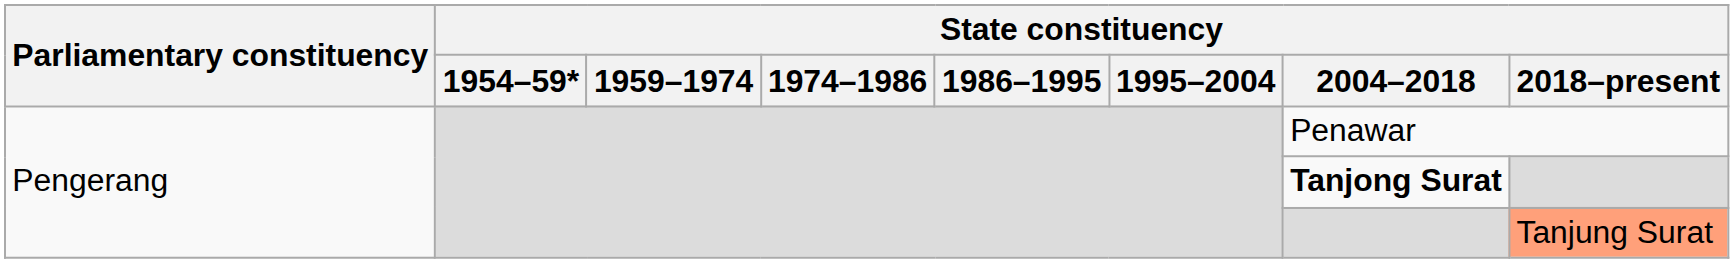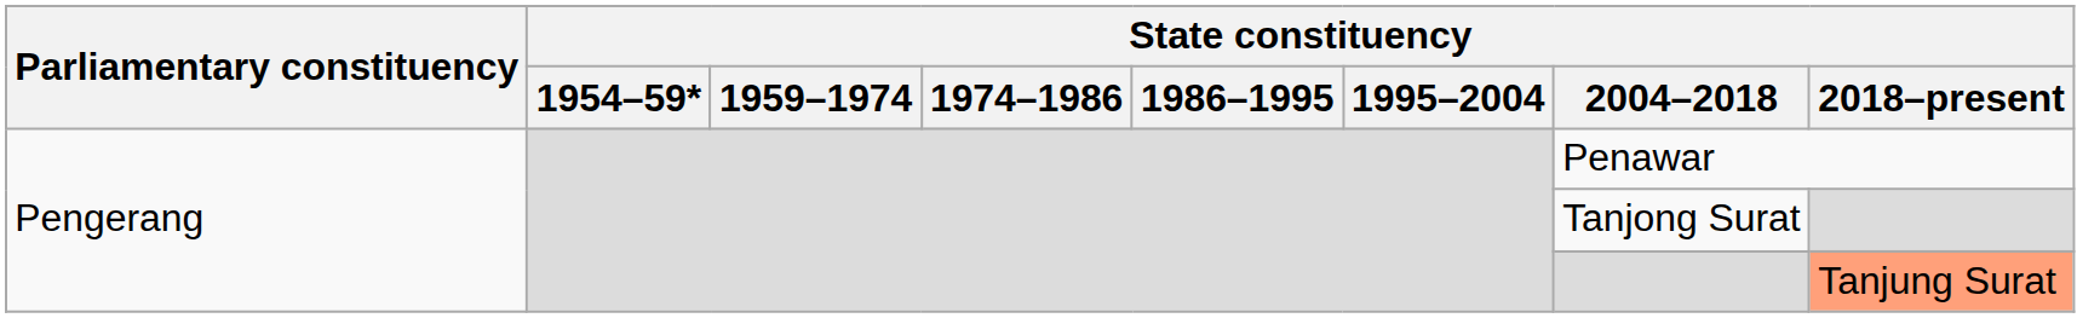 <table class="wikitable">
 <tr>
 <th rowspan="2">Parliamentary constituency</th>
 <th colspan="7">State constituency</th>
 </tr>
 <tr>
 <th>1954–59*</th>
 <th>1959–1974</th>
 <th>1974–1986</th>
 <th>1986–1995</th>
 <th>1995–2004</th>
 <th>2004–2018</th>
 <th>2018–present</th>
 </tr>
 <tr>
 <td rowspan="3">Pengerang</td>
 <td colspan="5" rowspan="3" bgcolor="dcdcdc"></td>
 <td colspan="2">Penawar</td>
 </tr>
 <tr>
-<td><strong>Tanjong Surat</strong></td>
+<td>Tanjong Surat</td>
 <td bgcolor="dcdcdc"></td>
 </tr>
 <tr>
 <td bgcolor="dcdcdc"></td>
 <td style="background: lightsalmon;">Tanjung Surat</td>
 </tr>
 </table>
